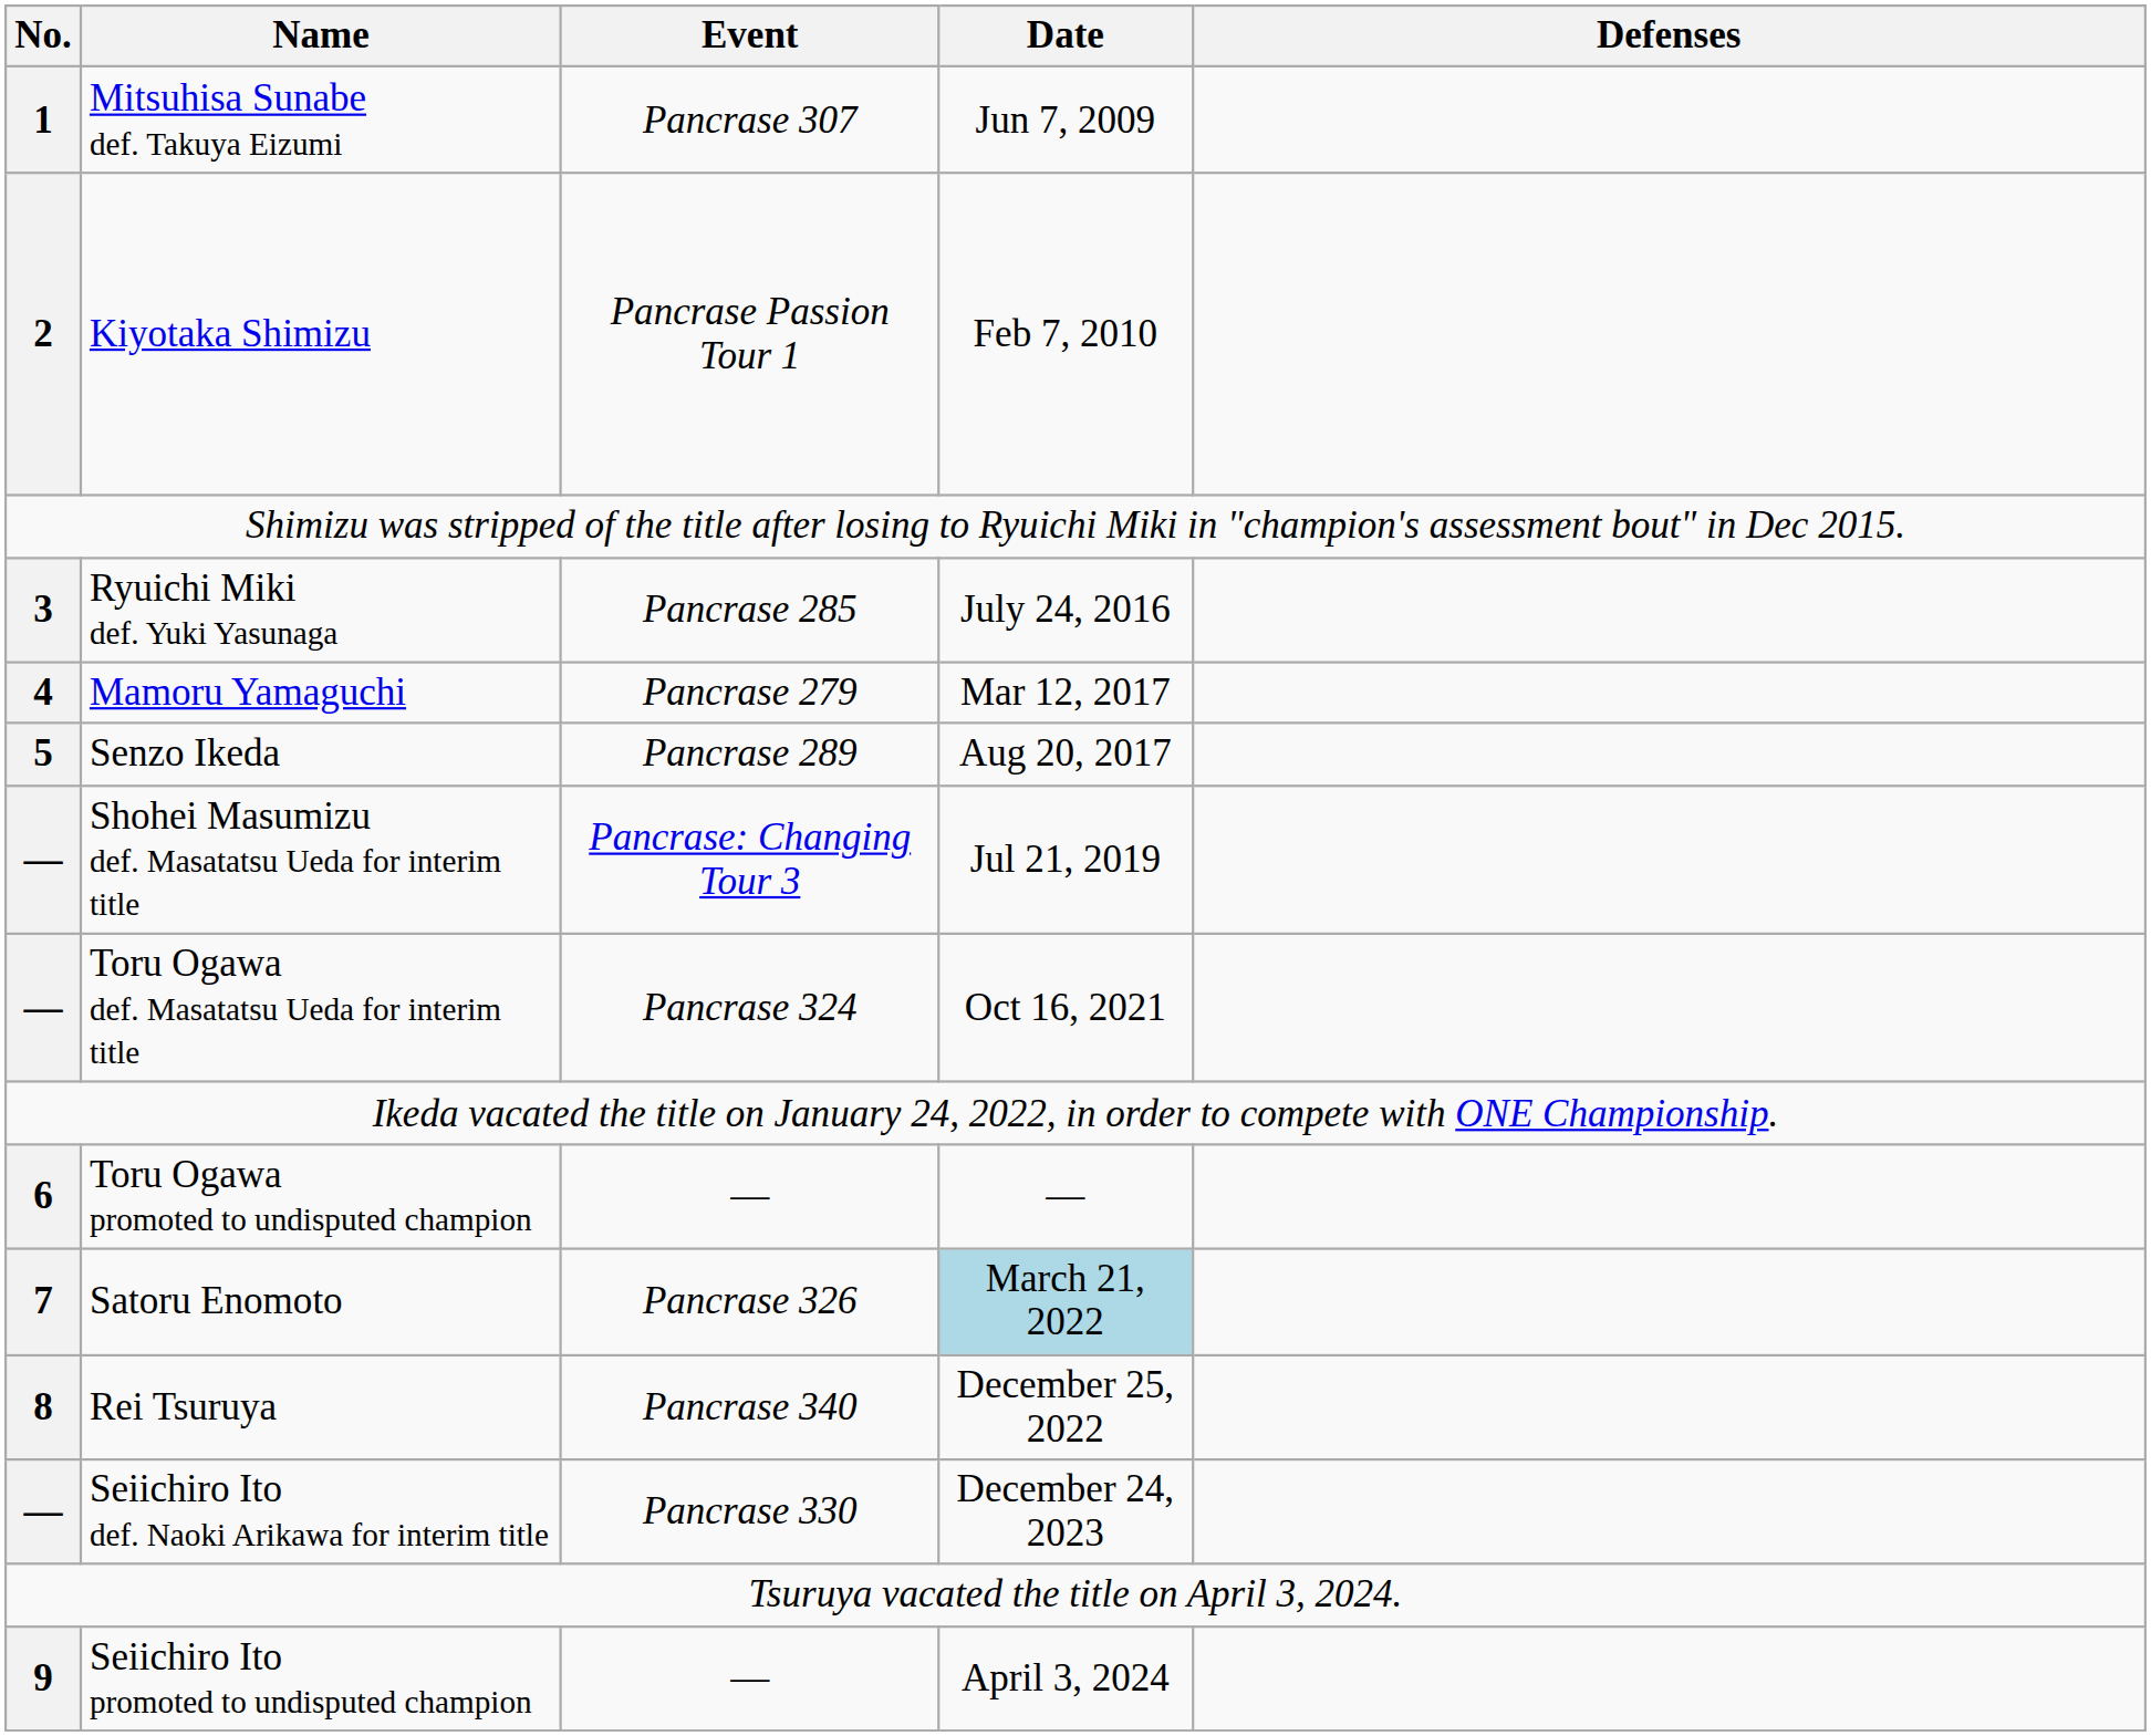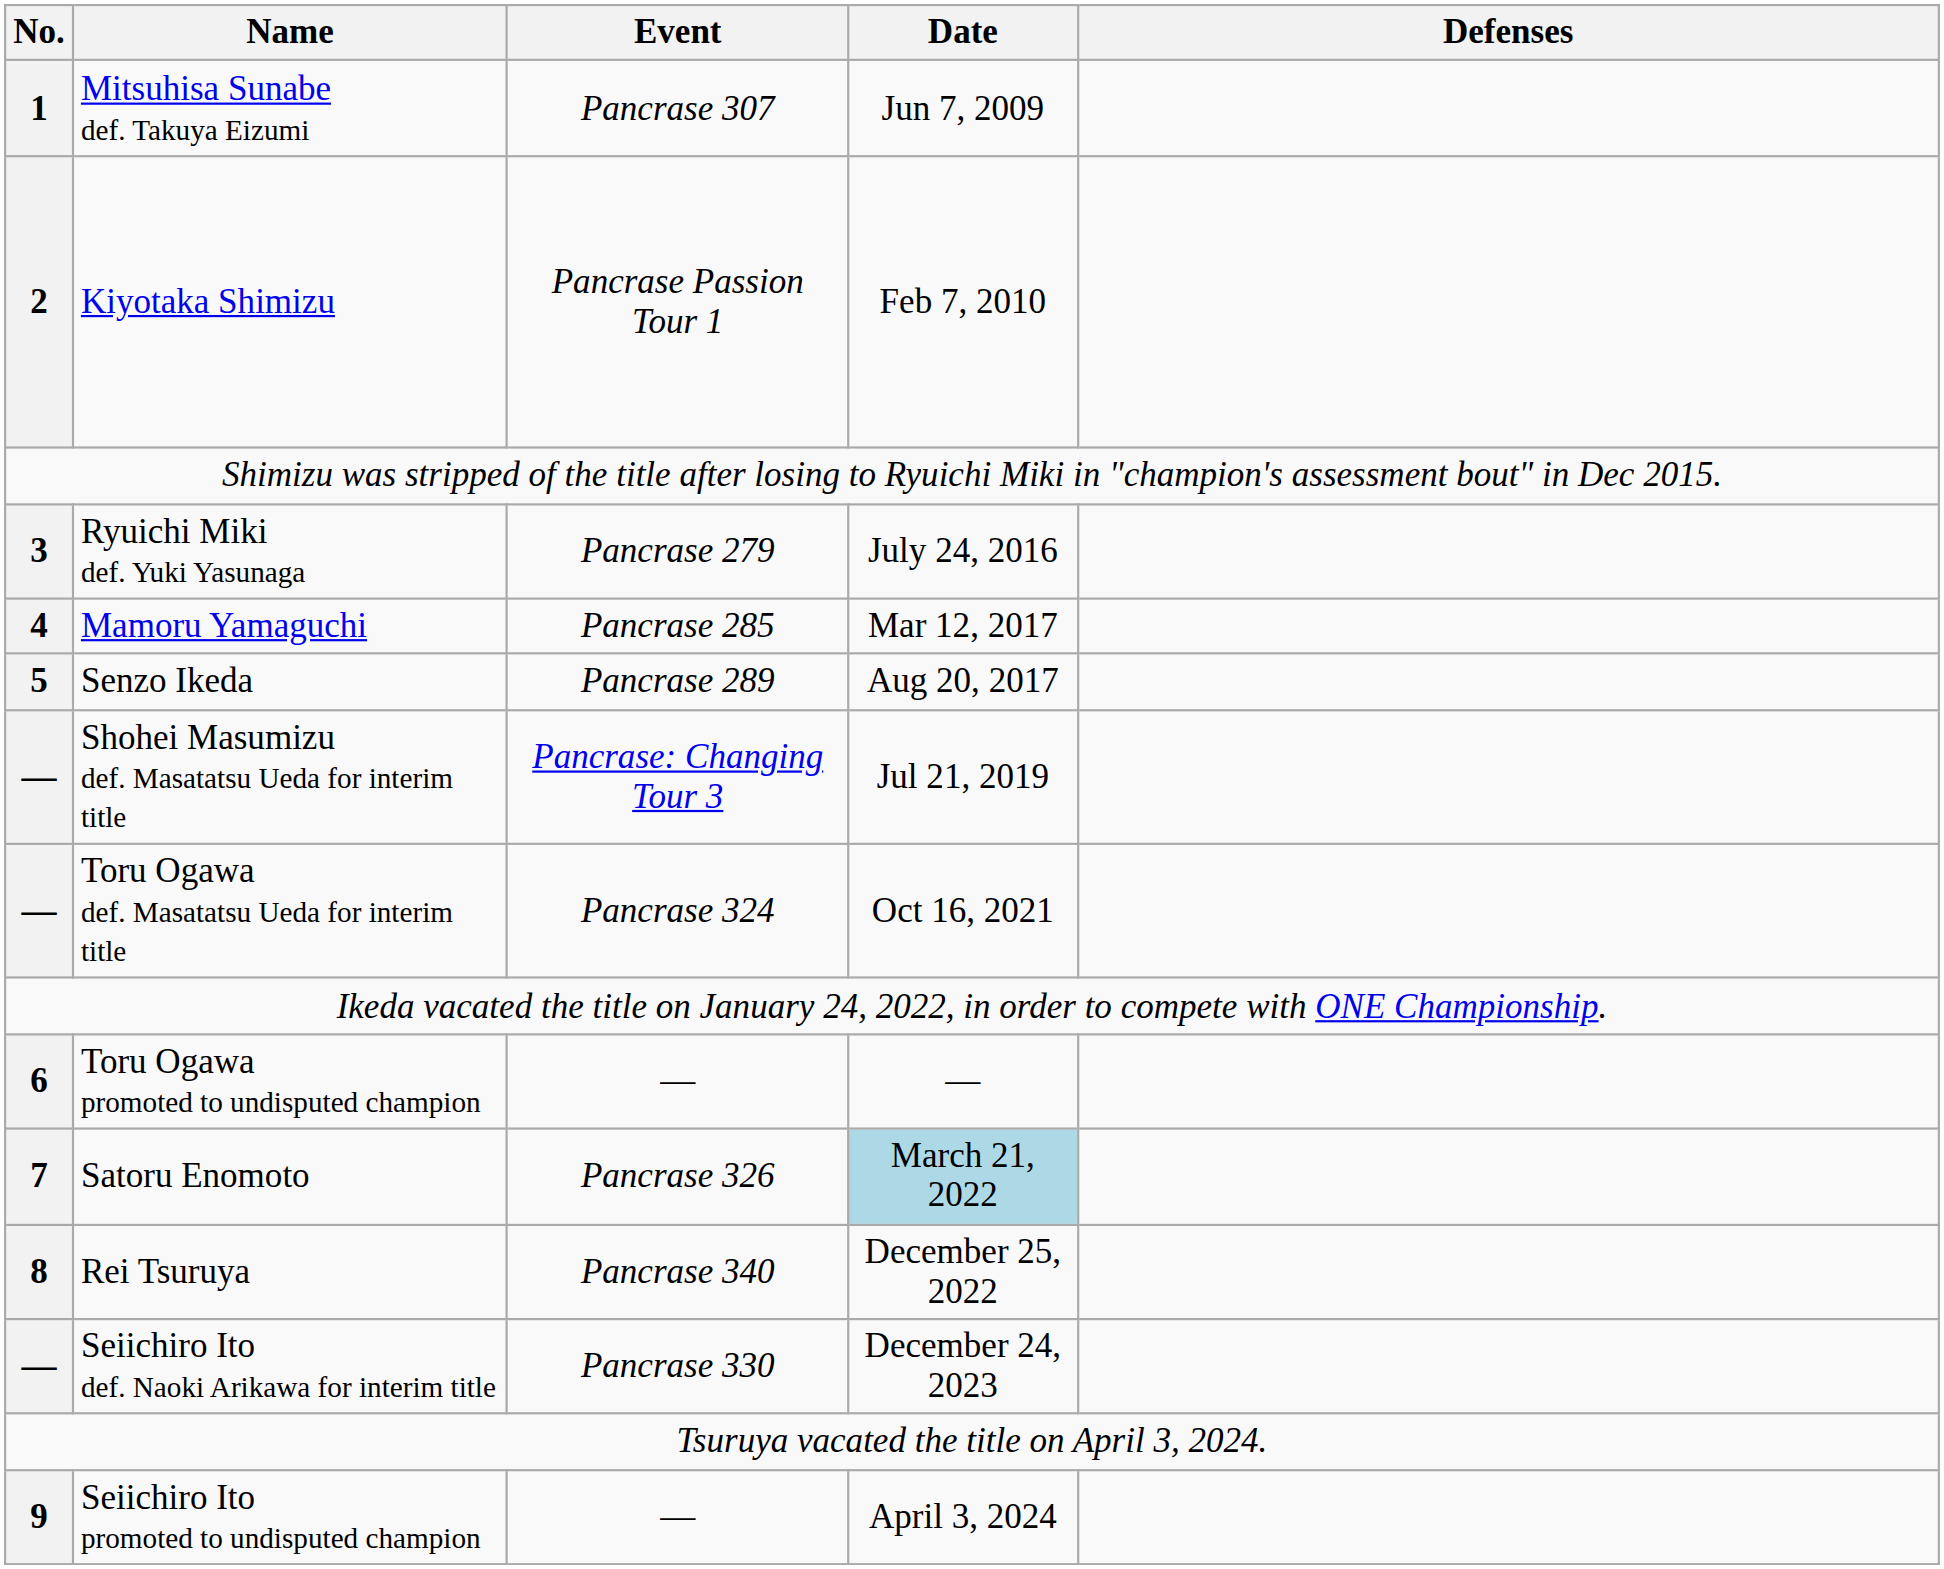 <table class="wikitable" width=100%>
 <tr>
 <th width=1%>No.</th>
 <th width=23%>Name</th>
 <th width=18%>Event</th>
 <th width=12%>Date</th>
 <th width=46%>Defenses</th>
 </tr>
 <tr>
 <th>1</th>
 <td align=left> <a href='#'>Mitsuhisa Sunabe</a><br><small>def. Takuya Eizumi</small></td>
 <td align=center><em>Pancrase 307</em><br></td>
 <td align=center>Jun 7, 2009</td>
 <td><br></td>
 </tr>
 <tr>
 <th>2</th>
 <td align=left> <a href='#'>Kiyotaka Shimizu</a></td>
 <td align=center><em>Pancrase Passion Tour 1</em><br></td>
 <td align=center>Feb 7, 2010</td>
 <td><br><br> <br> <br> <br> <br> <br></td>
 </tr>
 <tr>
 <td colspan=5 align=center><em>Shimizu was stripped of the title after losing to Ryuichi Miki in "champion's assessment bout" in Dec 2015.</em></td>
 </tr>
 <tr>
 <th>3</th>
 <td align=left> Ryuichi Miki <br><small>def. Yuki Yasunaga</small></td>
-<td align=center><em>Pancrase 285</em><br></td>
+<td align=center><em>Pancrase 279</em><br></td>
 <td align=center>July 24, 2016</td>
 <td></td>
 </tr>
 <tr>
 <th>4</th>
 <td align=left> <a href='#'>Mamoru Yamaguchi</a></td>
-<td align=center><em>Pancrase 279</em><br></td>
+<td align=center><em>Pancrase 285</em><br></td>
 <td align=center>Mar 12, 2017</td>
 <td></td>
 </tr>
 <tr>
 <th>5</th>
 <td align=left> Senzo Ikeda</td>
 <td align=center><em>Pancrase 289</em><br></td>
 <td align=center>Aug 20, 2017</td>
 <td></td>
 </tr>
 <tr>
 <th>—</th>
 <td align=left> Shohei Masumizu <br><small>def. Masatatsu Ueda for interim title</small></td>
 <td align=center><em><a href='#'>Pancrase: Changing Tour 3</a></em><br></td>
 <td align=center>Jul 21, 2019</td>
 <td></td>
 </tr>
 <tr>
 <th>—</th>
 <td align=left> Toru Ogawa <br><small>def. Masatatsu Ueda for interim title</small></td>
 <td align=center><em>Pancrase 324</em><br></td>
 <td align=center>Oct 16, 2021</td>
 <td></td>
 </tr>
 <tr>
 <td colspan=5 align=center><em>Ikeda vacated the title on January 24, 2022, in order to compete with <a href='#'>ONE Championship</a>.</em></td>
 </tr>
 <tr>
 <th>6</th>
 <td align=left> Toru Ogawa <br><small>promoted to undisputed champion</small></td>
 <td align=center>—</td>
 <td align=center>—</td>
 <td></td>
 </tr>
 <tr>
 <th>7</th>
 <td align=left> Satoru Enomoto</td>
 <td align=center><em>Pancrase 326</em><br></td>
 <td align=center style="background: lightblue;">March 21, 2022</td>
 <td></td>
 </tr>
 <tr>
 <th>8</th>
 <td align=left> Rei Tsuruya</td>
 <td align=center><em>Pancrase 340</em><br></td>
 <td align=center>December 25, 2022</td>
 <td></td>
 </tr>
 <tr>
 <th>—</th>
 <td align=left> Seiichiro Ito<br><small>def. Naoki Arikawa for interim title</small></td>
 <td align=center><em>Pancrase 330</em><br></td>
 <td align=center>December 24, 2023</td>
 <td></td>
 </tr>
 <tr>
 <td colspan=5 align=center><em>Tsuruya vacated the title on April 3, 2024.</em></td>
 </tr>
 <tr>
 <th>9</th>
 <td align=left> Seiichiro Ito <br><small>promoted to undisputed champion</small></td>
 <td align=center>—</td>
 <td align=center>April 3, 2024</td>
 <td></td>
 </tr>
 <tr>
 </tr>
 </table>
